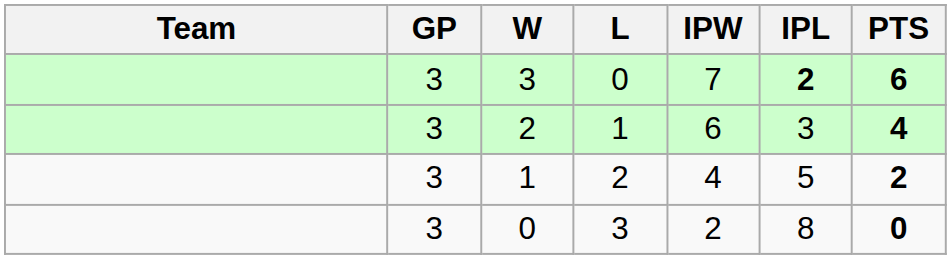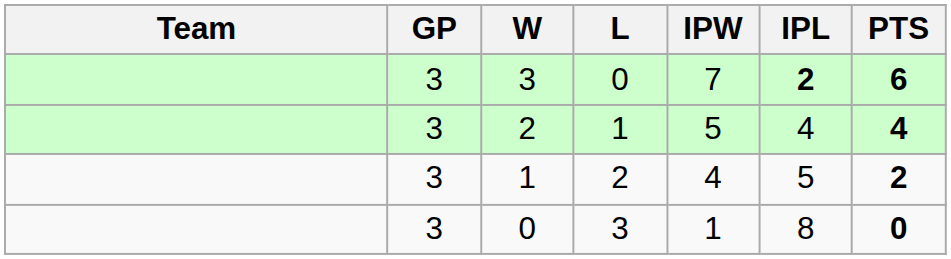 <table class="wikitable" style="text-align: center">
 <tr>
 <th style="width: 188px">Team</th>
 <th style="width: 40px">GP</th>
 <th style="width: 40px">W</th>
 <th style="width: 40px">L</th>
 <th style="width: 40px">IPW</th>
 <th style="width: 40px">IPL</th>
 <th style="width: 40px">PTS</th>
 </tr>
 <tr style="background: #ccffcc">
 <td style="text-align: left"></td>
 <td>3</td>
 <td>3</td>
 <td>0</td>
 <td>7</td>
 <td><strong>2</strong></td>
 <td><strong>6</strong></td>
 </tr>
 <tr style="background: #ccffcc">
 <td style="text-align: left"></td>
 <td>3</td>
 <td>2</td>
 <td>1</td>
-<td>6</td>
-<td>3</td>
+<td>5</td>
+<td>4</td>
 <td><strong>4</strong></td>
 </tr>
 <tr>
 <td style="text-align: left"></td>
 <td>3</td>
 <td>1</td>
 <td>2</td>
 <td>4</td>
 <td>5</td>
 <td><strong>2</strong></td>
 </tr>
 <tr>
 <td style="text-align: left"></td>
 <td>3</td>
 <td>0</td>
 <td>3</td>
-<td>2</td>
+<td>1</td>
 <td>8</td>
 <td><strong>0</strong></td>
 </tr>
 </table>
